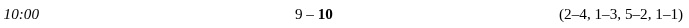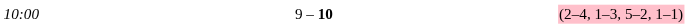 <table style="text-align:center">
 <tr>
 <th width=100></th>
 <th width=200></th>
 <th width=100></th>
 <th width=200></th>
 </tr>
 <tr>
 <td><em>10:00</em></td>
 <td align=right></td>
 <td>9 – <strong>10</strong></td>
 <td align=left><strong></strong></td>
-<td>(2–4, 1–3, 5–2, 1–1)</td>
+<td style="background: pink;">(2–4, 1–3, 5–2, 1–1)</td>
 </tr>
 </table>
